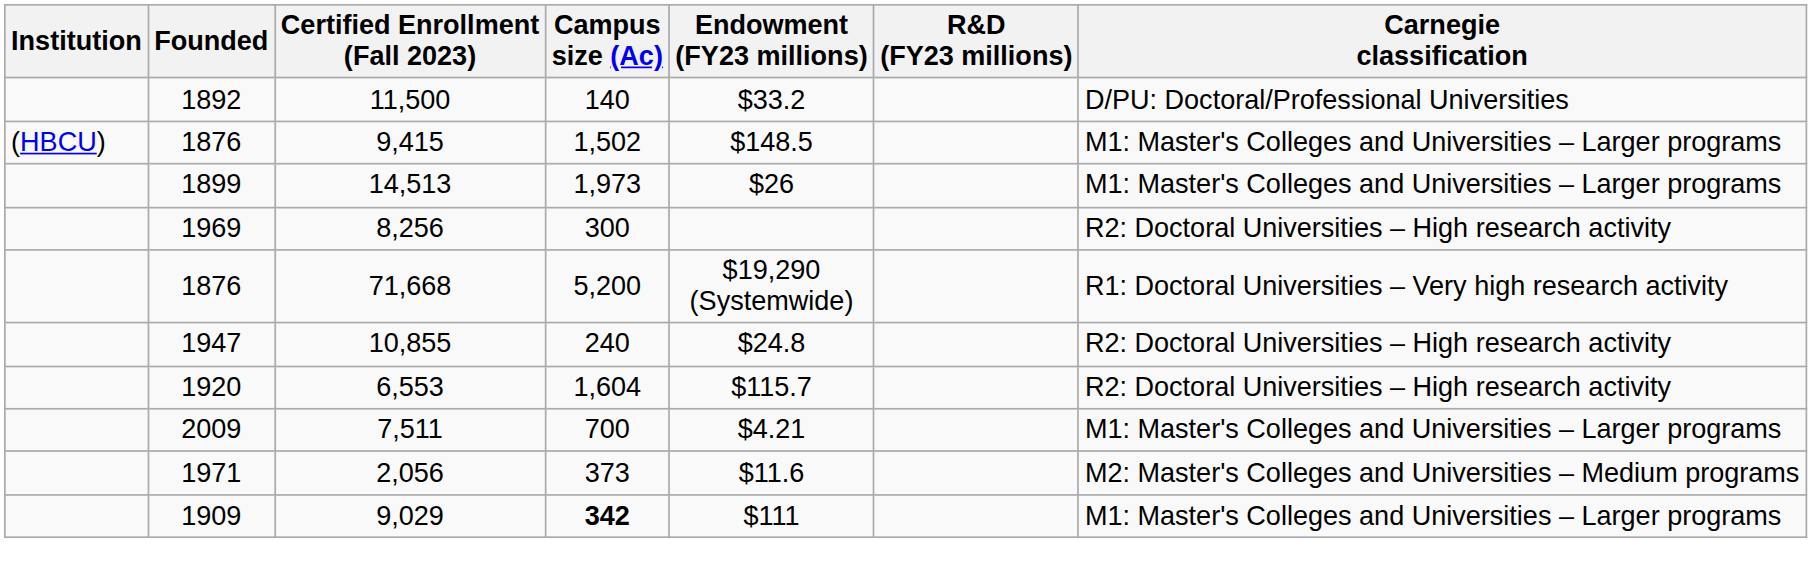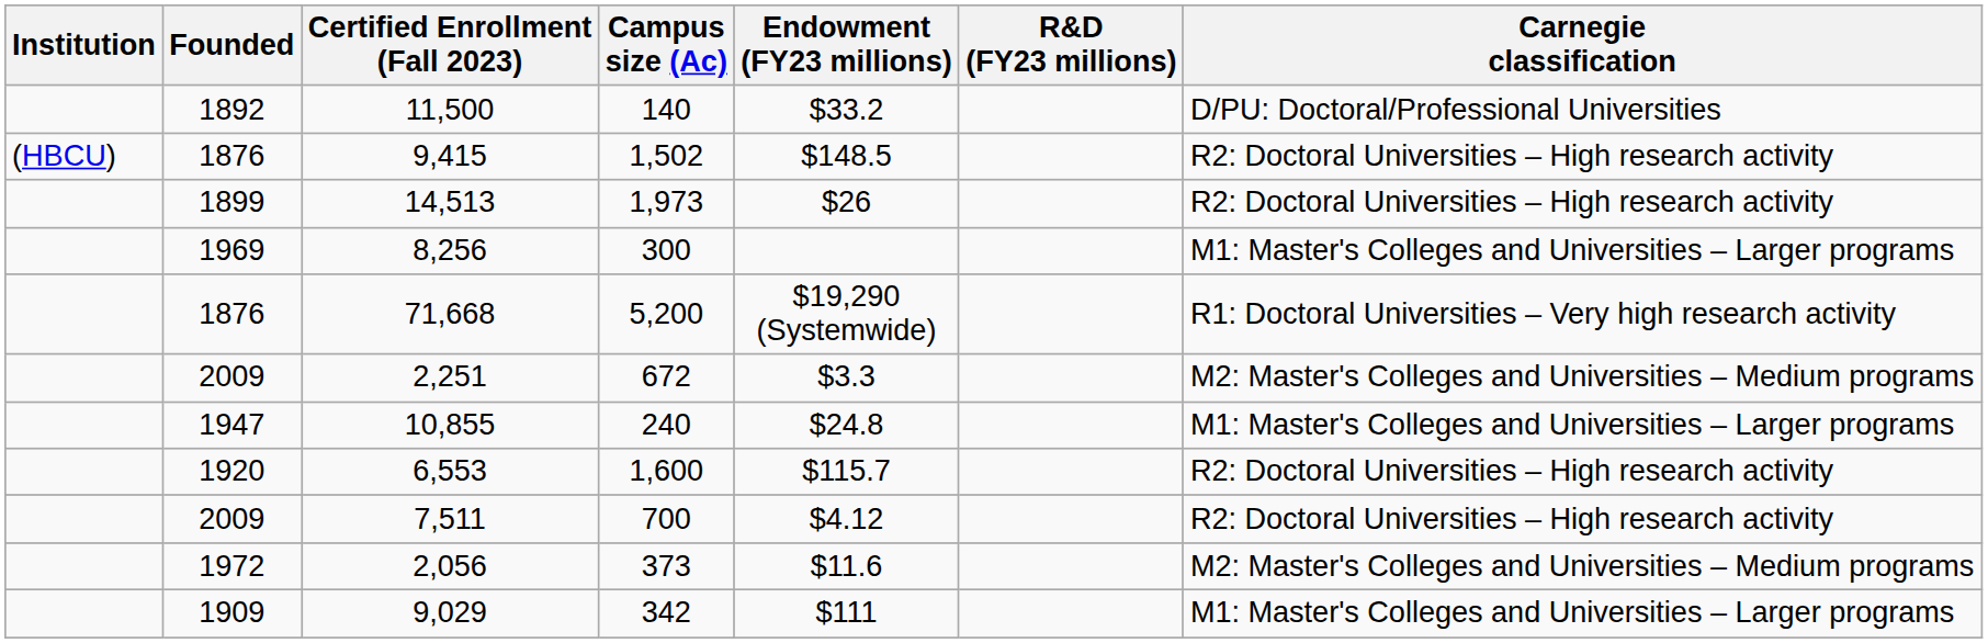 <table class="wikitable sortable plainrowheaders" style="border:2px solid # ">
 <tr>
 <th scope="col">Institution</th>
 <th scope="col">Founded</th>
 <th scope="col">Certified Enrollment<br>(Fall 2023)</th>
 <th scope="col">Campus<br>size <a href='#'>(Ac)</a></th>
 <th scope="col">Endowment<br> (FY23 millions) <br></th>
 <th scope="col">R&D<br>(FY23 millions)</th>
 <th scope="col">Carnegie<br>classification</th>
 </tr>
 <tr>
 <td></td>
 <td align="center">1892</td>
 <td align="center">11,500</td>
 <td align="center">140</td>
 <td align="center">$33.2</td>
 <td center="right"></td>
 <td>D/PU: Doctoral/Professional Universities</td>
 </tr>
 <tr>
 <td> (<a href='#'>HBCU</a>)</td>
 <td align="center">1876</td>
 <td align="center">9,415</td>
 <td align="center">1,502</td>
 <td align="center">$148.5</td>
 <td align="center"></td>
-<td>M1: Master's Colleges and Universities – Larger programs</td>
+<td>R2: Doctoral Universities – High research activity</td>
 </tr>
 <tr>
 <td></td>
 <td align="center">1899</td>
 <td align="center">14,513</td>
 <td align="center">1,973</td>
 <td align="center">$26</td>
 <td align="center"></td>
-<td>M1: Master's Colleges and Universities – Larger programs</td>
+<td>R2: Doctoral Universities – High research activity</td>
 </tr>
 <tr>
 <td></td>
 <td align="center">1969</td>
 <td align="center">8,256</td>
 <td align="center">300</td>
 <td align="right"></td>
 <td align="right"></td>
-<td>R2: Doctoral Universities – High research activity</td>
+<td>M1: Master's Colleges and Universities – Larger programs</td>
 </tr>
 <tr>
 <td></td>
 <td align="center">1876</td>
 <td align="center">71,668</td>
 <td align="center">5,200</td>
 <td align="center">$19,290 <br> (Systemwide)</td>
 <td align="center"></td>
 <td>R1: Doctoral Universities – Very high research activity</td>
 </tr>
 <tr>
 <td></td>
+<td align="center">2009</td>
+<td align="center">2,251</td>
+<td align="center">672</td>
+<td align="center">$3.3</td>
+<td align="center"></td>
+<td>M2: Master's Colleges and Universities – Medium programs</td>
+</tr>
+<tr>
+<td></td>
 <td align="center">1947</td>
 <td align="center">10,855</td>
 <td align="center">240</td>
 <td align="center">$24.8</td>
 <td align="center"></td>
-<td>R2: Doctoral Universities – High research activity</td>
+<td>M1: Master's Colleges and Universities – Larger programs</td>
 </tr>
 <tr>
 <td></td>
 <td align="center">1920</td>
 <td align="center">6,553</td>
-<td align="center">1,604</td>
+<td align="center">1,600</td>
 <td align="center">$115.7</td>
 <td align="center"></td>
 <td>R2: Doctoral Universities – High research activity</td>
 </tr>
 <tr>
 <td></td>
 <td align="center">2009</td>
 <td align="center">7,511</td>
 <td align="center">700</td>
-<td align="center">$4.21</td>
+<td align="center">$4.12</td>
 <td align="center"></td>
-<td>M1: Master's Colleges and Universities – Larger programs</td>
+<td>R2: Doctoral Universities – High research activity</td>
 </tr>
 <tr>
 <td></td>
-<td align="center">1971</td>
+<td align="center">1972</td>
 <td align="center">2,056</td>
 <td align="center">373</td>
 <td align="center">$11.6</td>
 <td align="center"></td>
 <td>M2: Master's Colleges and Universities – Medium programs</td>
 </tr>
 <tr>
 <td></td>
 <td align="center">1909</td>
 <td align="center">9,029</td>
-<td align="center"><strong>342</strong></td>
+<td align="center">342</td>
 <td align="center">$111</td>
 <td align="center"></td>
 <td>M1: Master's Colleges and Universities – Larger programs</td>
 </tr>
 </table>
